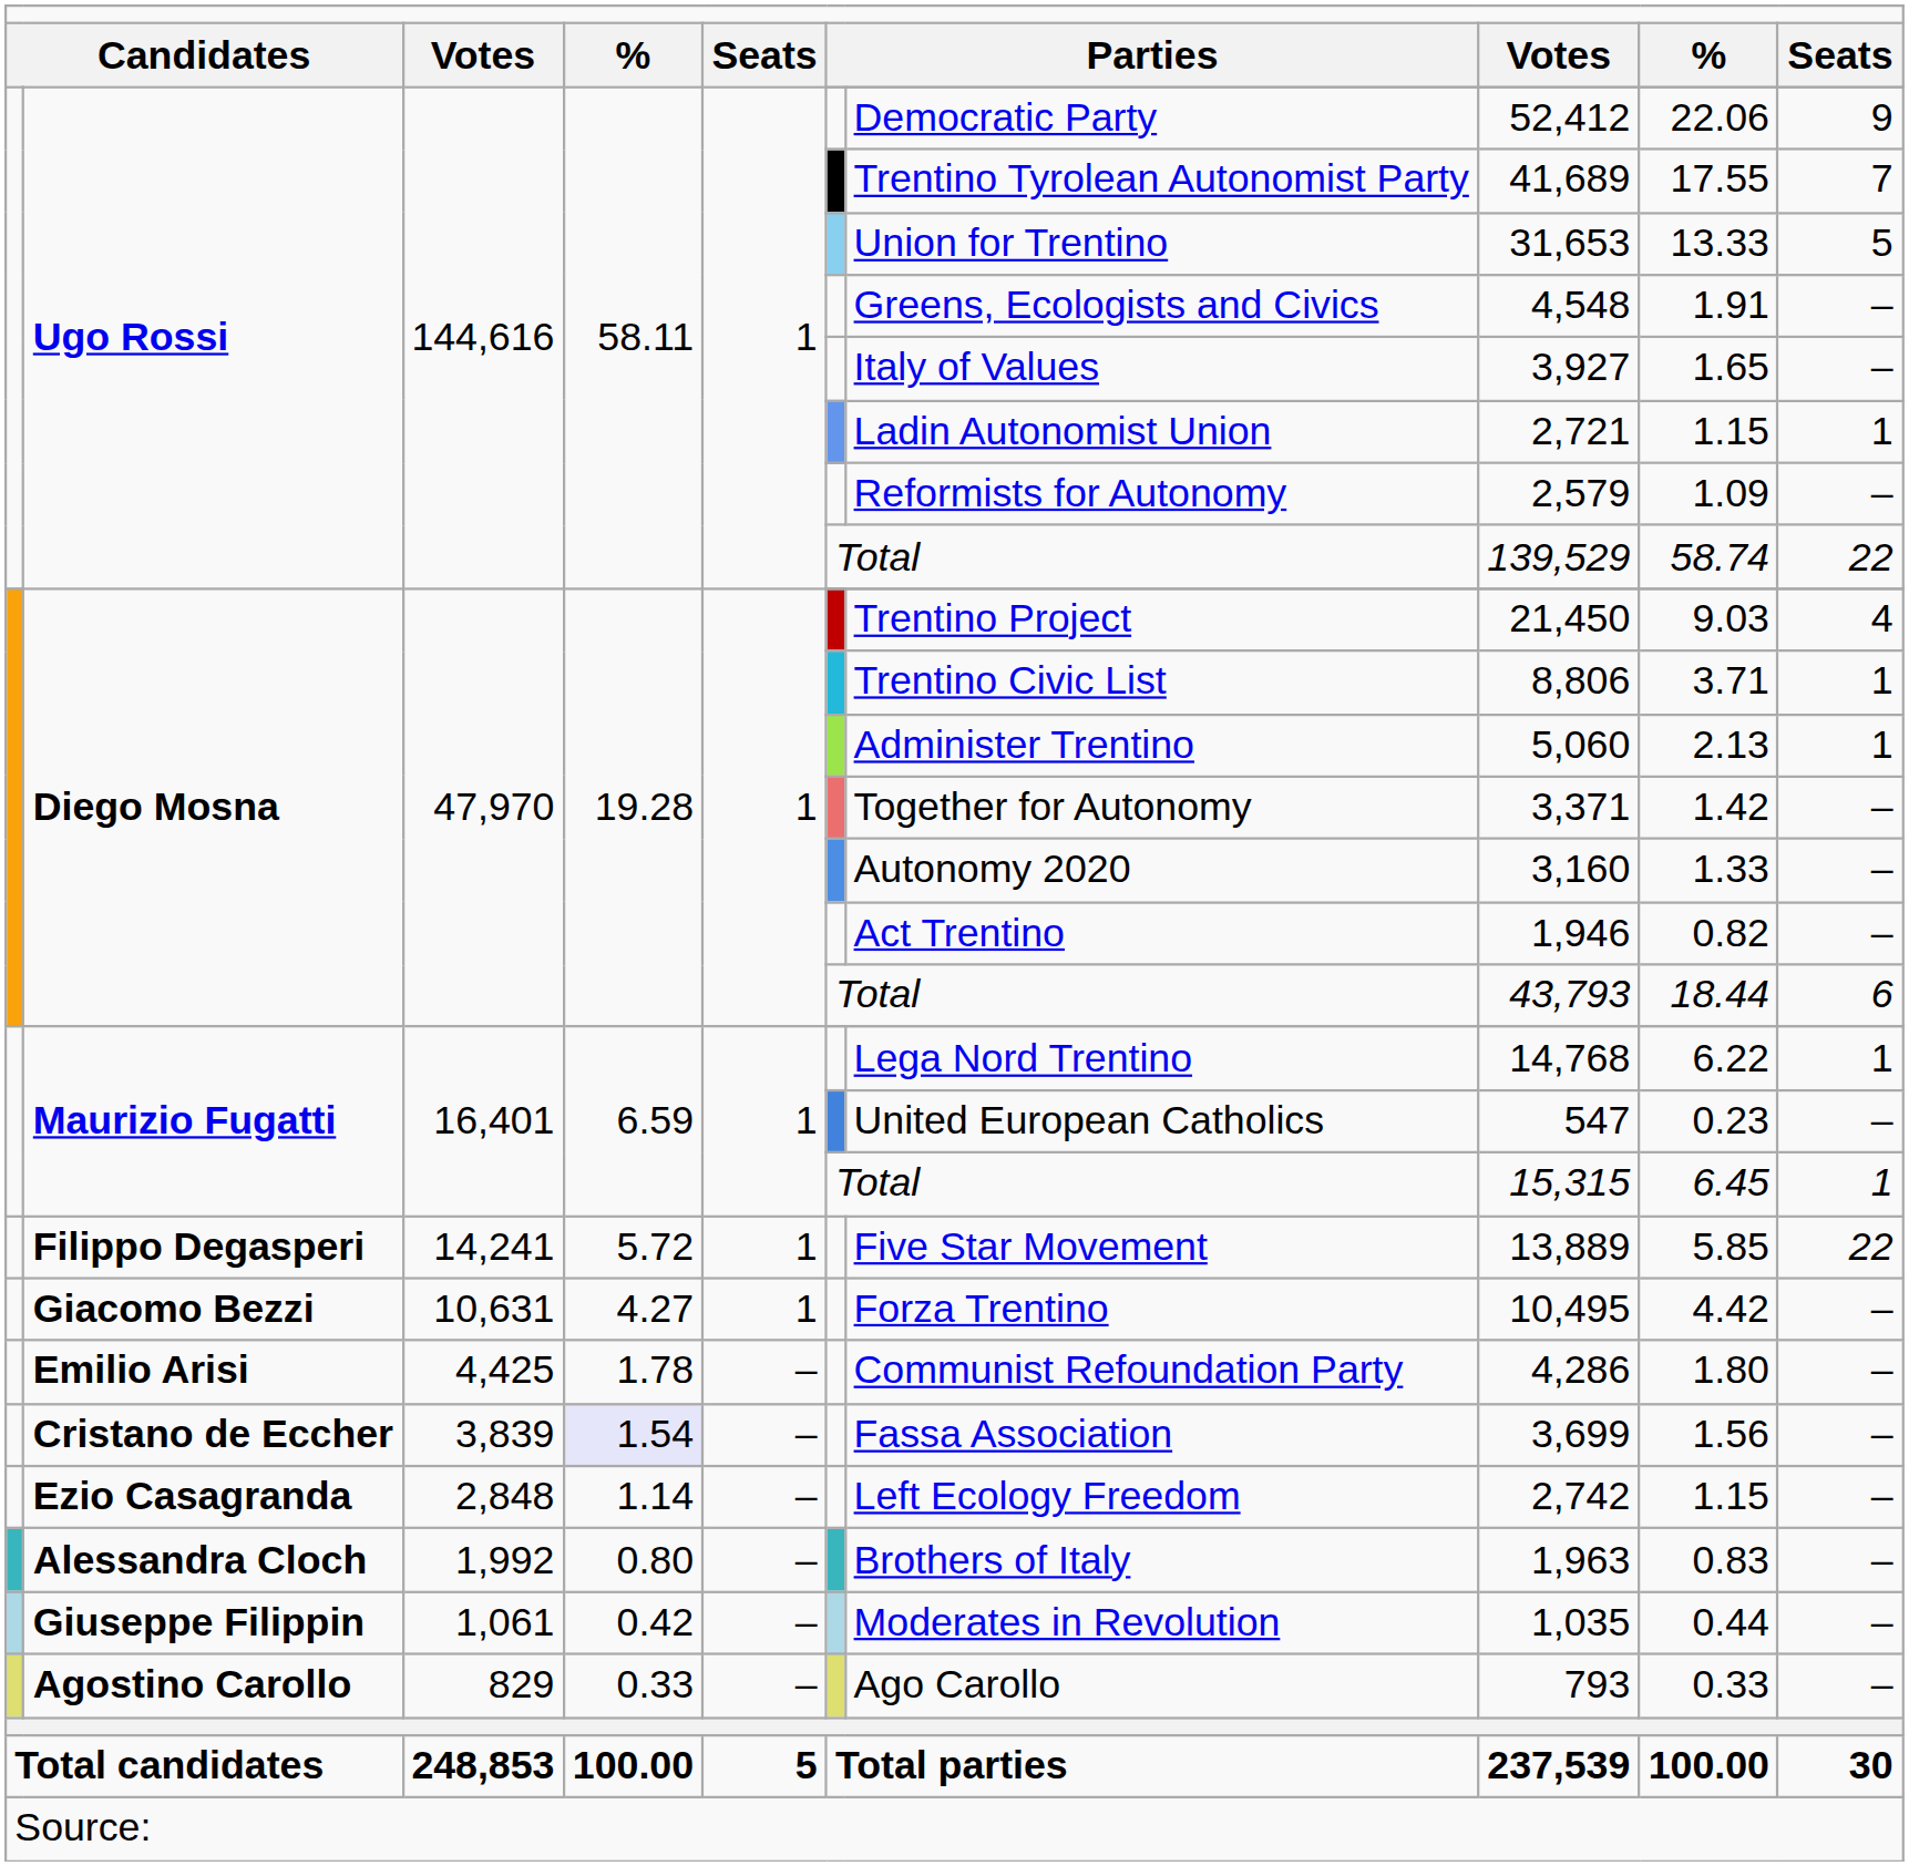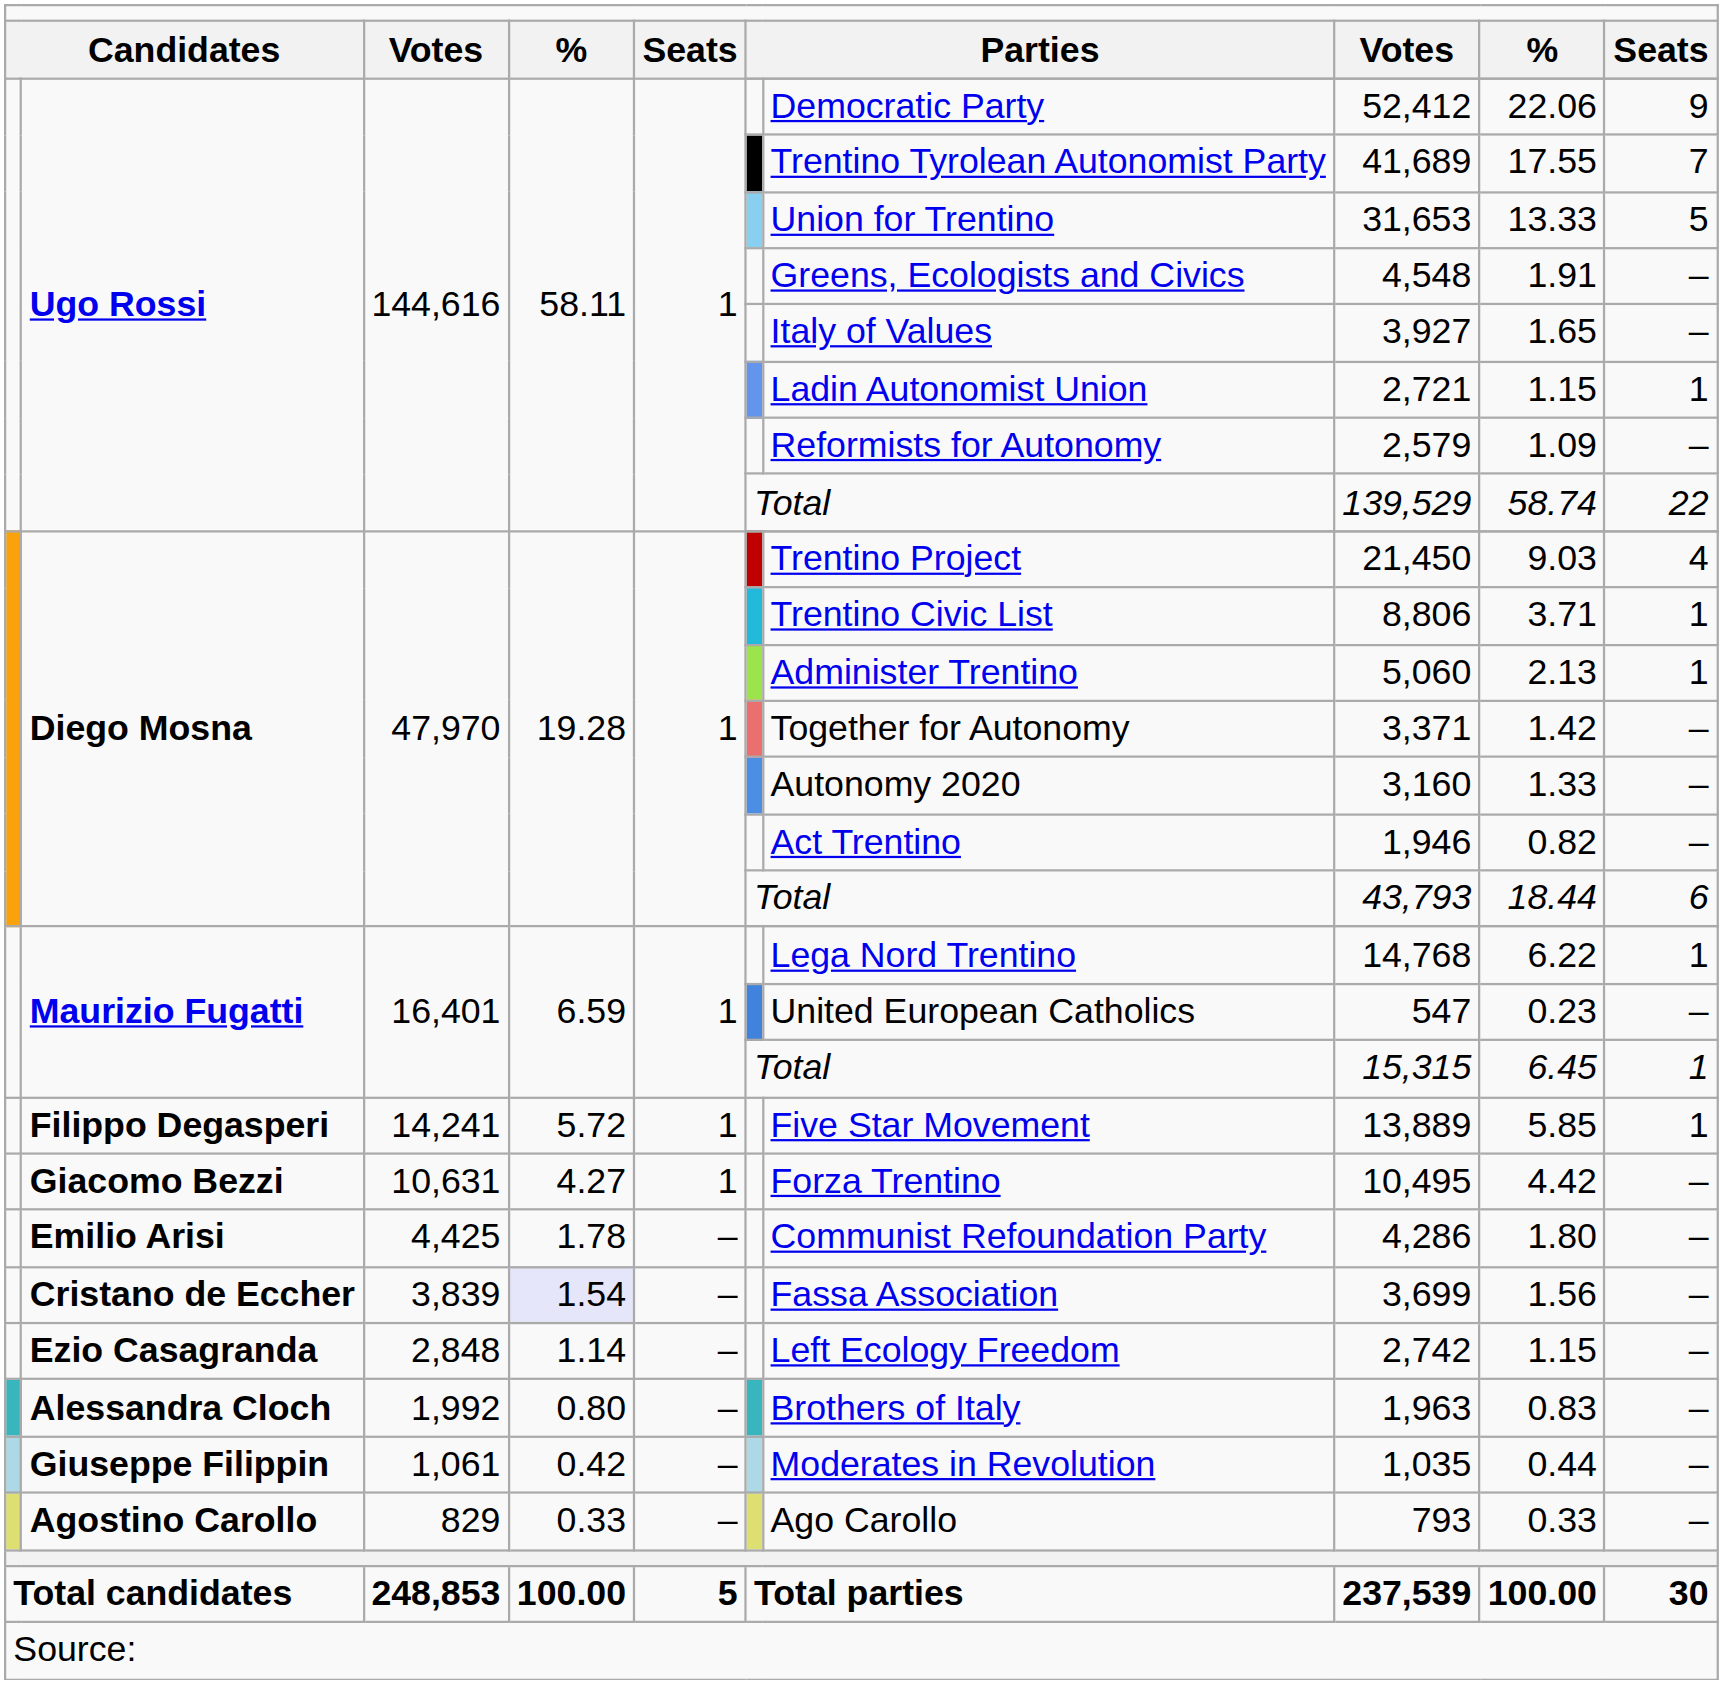 <table class="wikitable">
 <tr>
 <td colspan=10></td>
 </tr>
 <tr>
 <th colspan=2>Candidates</th>
 <th>Votes</th>
 <th>%</th>
 <th>Seats</th>
 <th colspan=2>Parties</th>
 <th>Votes</th>
 <th>%</th>
 <th>Seats</th>
 </tr>
 <tr>
 <td rowspan=9></td>
 <td rowspan=9><strong><a href='#'>Ugo Rossi</a></strong></td>
 <td rowspan=9 align=right>144,616</td>
 <td rowspan=9 align=right>58.11</td>
 <td rowspan=9 align=right>1</td>
 </tr>
 <tr>
 <td></td>
 <td><a href='#'>Democratic Party</a></td>
 <td style="text-align:right;">52,412</td>
 <td style="text-align:right;">22.06</td>
 <td style="text-align:right;">9</td>
 </tr>
 <tr>
 <td bgcolor="black"></td>
 <td><a href='#'>Trentino Tyrolean Autonomist Party</a></td>
 <td style="text-align:right;">41,689</td>
 <td style="text-align:right;">17.55</td>
 <td style="text-align:right;">7</td>
 </tr>
 <tr>
 <td bgcolor="#89CFF0"></td>
 <td><a href='#'>Union for Trentino</a></td>
 <td style="text-align:right;">31,653</td>
 <td style="text-align:right;">13.33</td>
 <td style="text-align:right;">5</td>
 </tr>
 <tr>
 <td></td>
 <td><a href='#'>Greens, Ecologists and Civics</a></td>
 <td style="text-align:right;">4,548</td>
 <td style="text-align:right;">1.91</td>
 <td style="text-align:right;">–</td>
 </tr>
 <tr>
 <td></td>
 <td><a href='#'>Italy of Values</a></td>
 <td style="text-align:right;">3,927</td>
 <td style="text-align:right;">1.65</td>
 <td style="text-align:right;">–</td>
 </tr>
 <tr>
 <td bgcolor="#6495ED"></td>
 <td><a href='#'>Ladin Autonomist Union</a></td>
 <td style="text-align:right;">2,721</td>
 <td style="text-align:right;">1.15</td>
 <td style="text-align:right;">1</td>
 </tr>
 <tr>
 <td></td>
 <td><a href='#'>Reformists for Autonomy</a></td>
 <td style="text-align:right;">2,579</td>
 <td style="text-align:right;">1.09</td>
 <td style="text-align:right;">–</td>
 </tr>
 <tr>
 <td colspan=2><em>Total</em></td>
 <td align=right><em>139,529</em></td>
 <td align=right><em>58.74</em></td>
 <td align=right><em>22</em></td>
 </tr>
 <tr>
 <td rowspan=8 bgcolor="#F9A20B"></td>
 <td rowspan=8><strong>Diego Mosna</strong></td>
 <td rowspan=8 align=right>47,970</td>
 <td rowspan=8 align=right>19.28</td>
 <td rowspan=8 align=right>1</td>
 </tr>
 <tr>
 <td bgcolor="#C00000"></td>
 <td><a href='#'>Trentino Project</a></td>
 <td style="text-align:right;">21,450</td>
 <td style="text-align:right;">9.03</td>
 <td style="text-align:right;">4</td>
 </tr>
 <tr>
 <td bgcolor="#23b9da"></td>
 <td><a href='#'>Trentino Civic List</a></td>
 <td style="text-align:right;">8,806</td>
 <td style="text-align:right;">3.71</td>
 <td style="text-align:right;">1</td>
 </tr>
 <tr>
 <td bgcolor="#9CE44B"></td>
 <td><a href='#'>Administer Trentino</a></td>
 <td style="text-align:right;">5,060</td>
 <td style="text-align:right;">2.13</td>
 <td style="text-align:right;">1</td>
 </tr>
 <tr>
 <td bgcolor="#EC6F6F"></td>
 <td>Together for Autonomy</td>
 <td style="text-align:right;">3,371</td>
 <td style="text-align:right;">1.42</td>
 <td style="text-align:right;">–</td>
 </tr>
 <tr>
 <td bgcolor="#4B8EE4"></td>
 <td>Autonomy 2020</td>
 <td style="text-align:right;">3,160</td>
 <td style="text-align:right;">1.33</td>
 <td style="text-align:right;">–</td>
 </tr>
 <tr>
 <td></td>
 <td><a href='#'>Act Trentino</a></td>
 <td style="text-align:right;">1,946</td>
 <td style="text-align:right;">0.82</td>
 <td style="text-align:right;">–</td>
 </tr>
 <tr>
 <td colspan=2><em>Total</em></td>
 <td align=right><em>43,793</em></td>
 <td align=right><em>18.44</em></td>
 <td align=right><em>6</em></td>
 </tr>
 <tr>
 <td rowspan=4></td>
 <td rowspan=4><strong><a href='#'>Maurizio Fugatti</a></strong></td>
 <td rowspan=4 align=right>16,401</td>
 <td rowspan=4 align=right>6.59</td>
 <td rowspan=4 align=right>1</td>
 </tr>
 <tr>
 <td></td>
 <td><a href='#'>Lega Nord Trentino</a></td>
 <td style="text-align:right;">14,768</td>
 <td style="text-align:right;">6.22</td>
 <td style="text-align:right;">1</td>
 </tr>
 <tr>
 <td bgcolor="#4182DC"></td>
 <td>United European Catholics</td>
 <td style="text-align:right;">547</td>
 <td style="text-align:right;">0.23</td>
 <td style="text-align:right;">–</td>
 </tr>
 <tr>
 <td colspan=2><em>Total</em></td>
 <td align=right><em>15,315</em></td>
 <td align=right><em>6.45</em></td>
 <td align=right><em>1</em></td>
 </tr>
 <tr>
 <td></td>
 <td><strong>Filippo Degasperi</strong></td>
 <td align=right>14,241</td>
 <td align=right>5.72</td>
 <td align=right>1</td>
 <td></td>
 <td><a href='#'>Five Star Movement</a></td>
 <td style="text-align:right;">13,889</td>
 <td style="text-align:right;">5.85</td>
-<td align=right><em>22</em></td>
+<td style="text-align:right;">1</td>
 </tr>
 <tr>
 <td></td>
 <td><strong>Giacomo Bezzi</strong></td>
 <td align=right>10,631</td>
 <td align=right>4.27</td>
 <td align=right>1</td>
 <td></td>
 <td><a href='#'>Forza Trentino</a></td>
 <td style="text-align:right;">10,495</td>
 <td style="text-align:right;">4.42</td>
 <td style="text-align:right;">–</td>
 </tr>
 <tr>
 <td></td>
 <td><strong>Emilio Arisi</strong></td>
 <td align=right>4,425</td>
 <td align=right>1.78</td>
 <td align=right>–</td>
 <td></td>
 <td><a href='#'>Communist Refoundation Party</a></td>
 <td style="text-align:right;">4,286</td>
 <td style="text-align:right;">1.80</td>
 <td style="text-align:right;">–</td>
 </tr>
 <tr>
 <td></td>
 <td><strong>Cristano de Eccher</strong></td>
 <td align=right>3,839</td>
 <td align=right style="background: lavender;">1.54</td>
 <td align=right>–</td>
 <td></td>
 <td><a href='#'>Fassa Association</a></td>
 <td style="text-align:right;">3,699</td>
 <td style="text-align:right;">1.56</td>
 <td style="text-align:right;">–</td>
 </tr>
 <tr>
 <td></td>
 <td><strong>Ezio Casagranda</strong></td>
 <td align=right>2,848</td>
 <td align=right>1.14</td>
 <td align=right>–</td>
 <td></td>
 <td><a href='#'>Left Ecology Freedom</a></td>
 <td style="text-align:right;">2,742</td>
 <td style="text-align:right;">1.15</td>
 <td style="text-align:right;">–</td>
 </tr>
 <tr>
 <td bgcolor="#39B5BD"></td>
 <td><strong>Alessandra Cloch</strong></td>
 <td align=right>1,992</td>
 <td align=right>0.80</td>
 <td align=right>–</td>
 <td bgcolor="#39B5BD"></td>
 <td><a href='#'>Brothers of Italy</a></td>
 <td style="text-align:right;">1,963</td>
 <td style="text-align:right;">0.83</td>
 <td style="text-align:right;">–</td>
 </tr>
 <tr>
 <td bgcolor="lightblue"></td>
 <td><strong>Giuseppe Filippin</strong></td>
 <td align=right>1,061</td>
 <td align=right>0.42</td>
 <td align=right>–</td>
 <td bgcolor="lightblue"></td>
 <td><a href='#'>Moderates in Revolution</a></td>
 <td style="text-align:right;">1,035</td>
 <td style="text-align:right;">0.44</td>
 <td style="text-align:right;">–</td>
 </tr>
 <tr>
 <td bgcolor="#DDDF71"></td>
 <td><strong>Agostino Carollo</strong></td>
 <td align=right>829</td>
 <td align=right>0.33</td>
 <td align=right>–</td>
 <td bgcolor="#DDDF71"></td>
 <td>Ago Carollo</td>
 <td style="text-align:right;">793</td>
 <td style="text-align:right;">0.33</td>
 <td style="text-align:right;">–</td>
 </tr>
 <tr>
 <th colspan=10></th>
 </tr>
 <tr>
 <td colspan=2><strong>Total candidates</strong></td>
 <td align=right><strong>248,853</strong></td>
 <td align=right><strong>100.00</strong></td>
 <td align=right><strong>5</strong></td>
 <td colspan=2><strong>Total parties</strong></td>
 <td align=right><strong>237,539</strong></td>
 <td align=right><strong>100.00</strong></td>
 <td align=right><strong>30</strong></td>
 </tr>
 <tr>
 <td colspan=10>Source: </td>
 </tr>
 </table>
